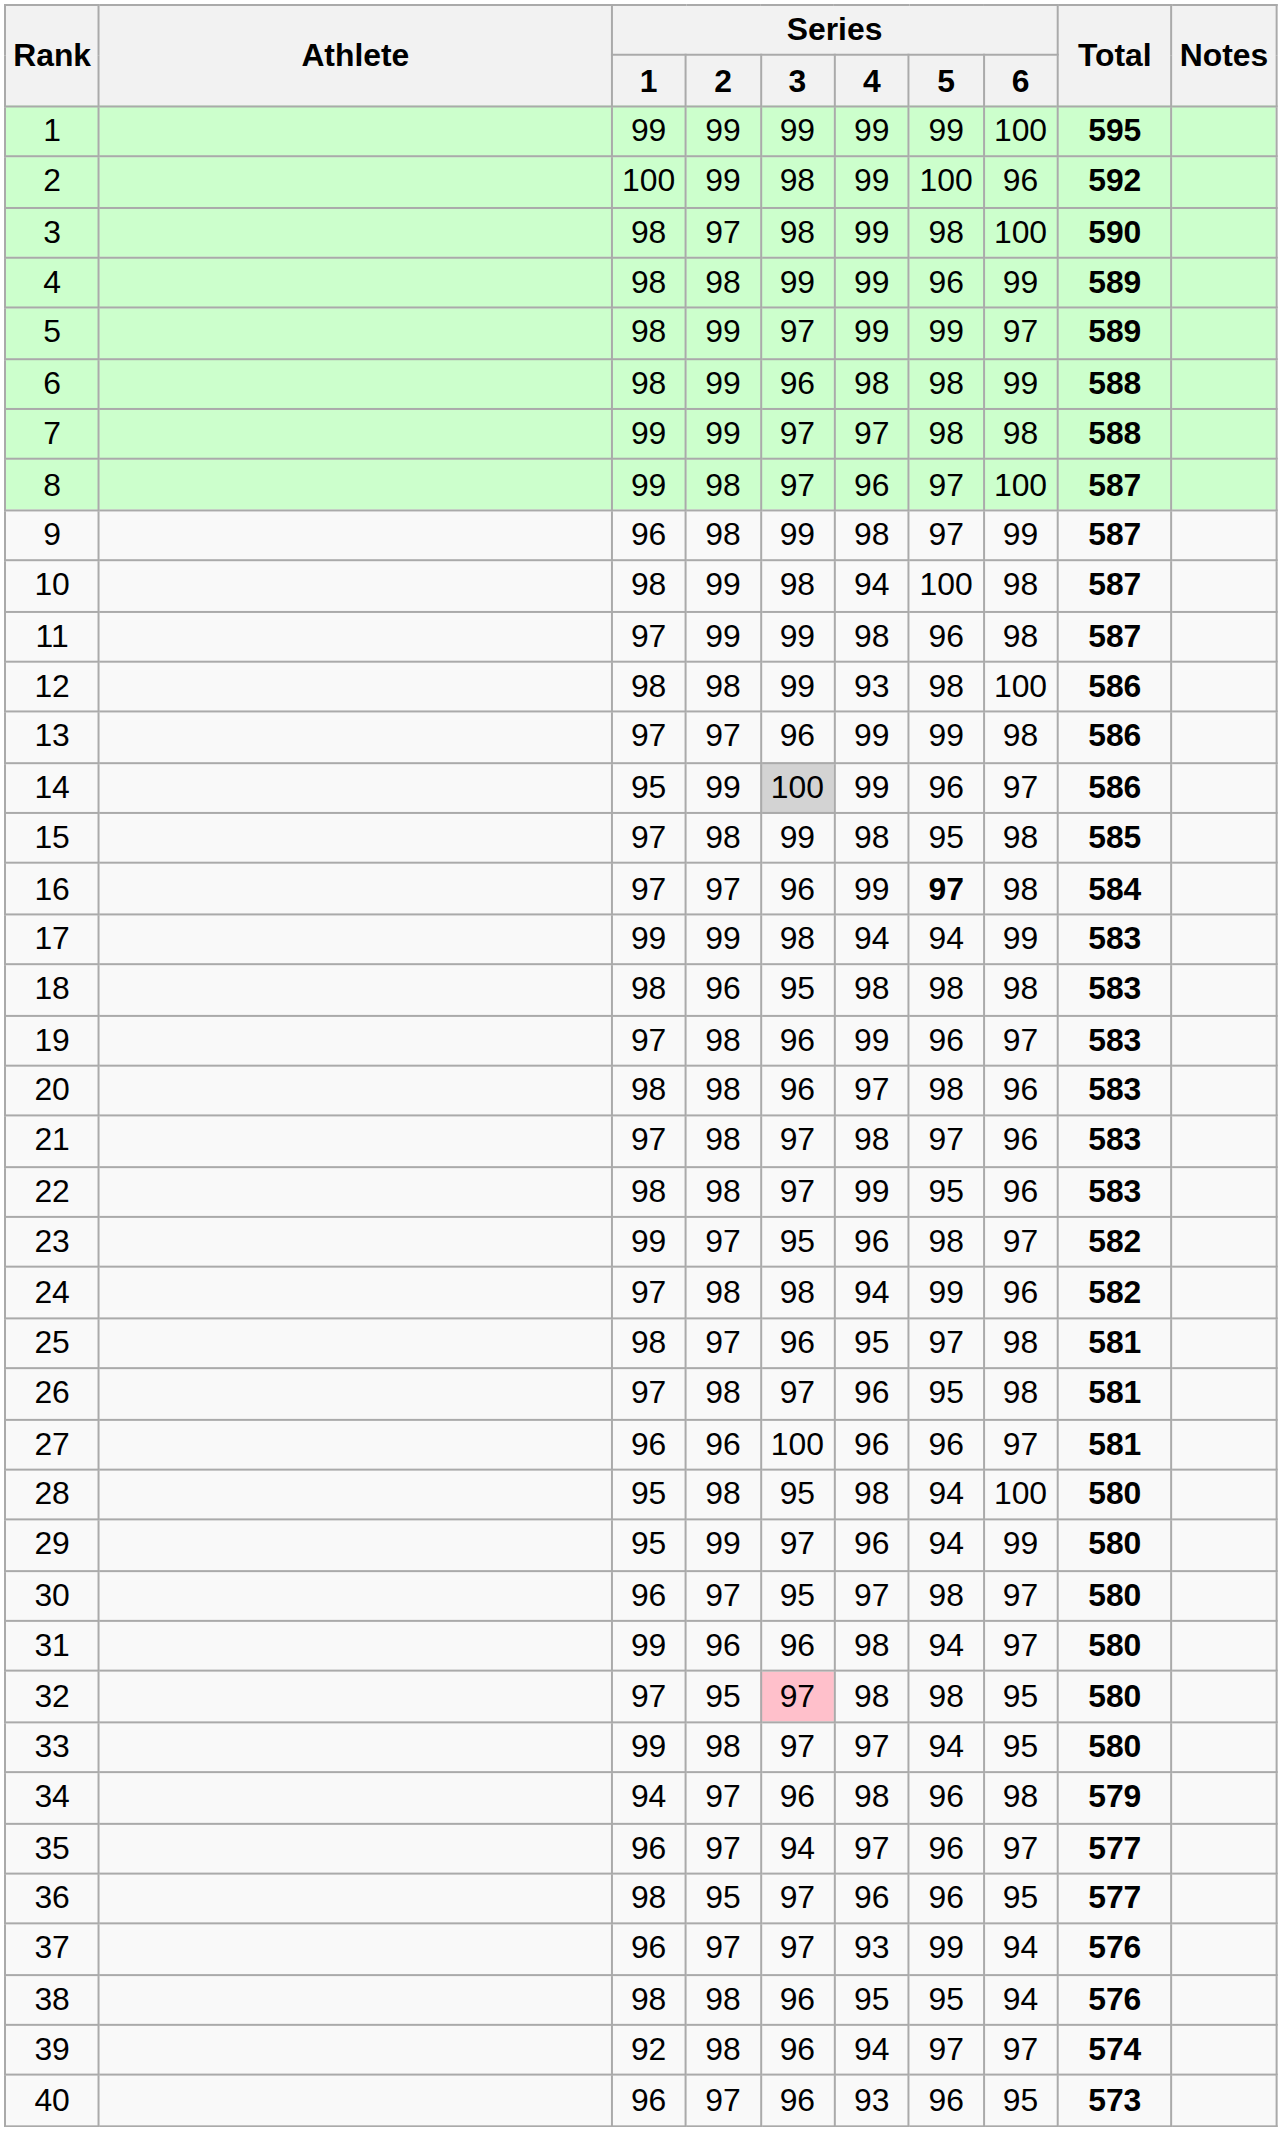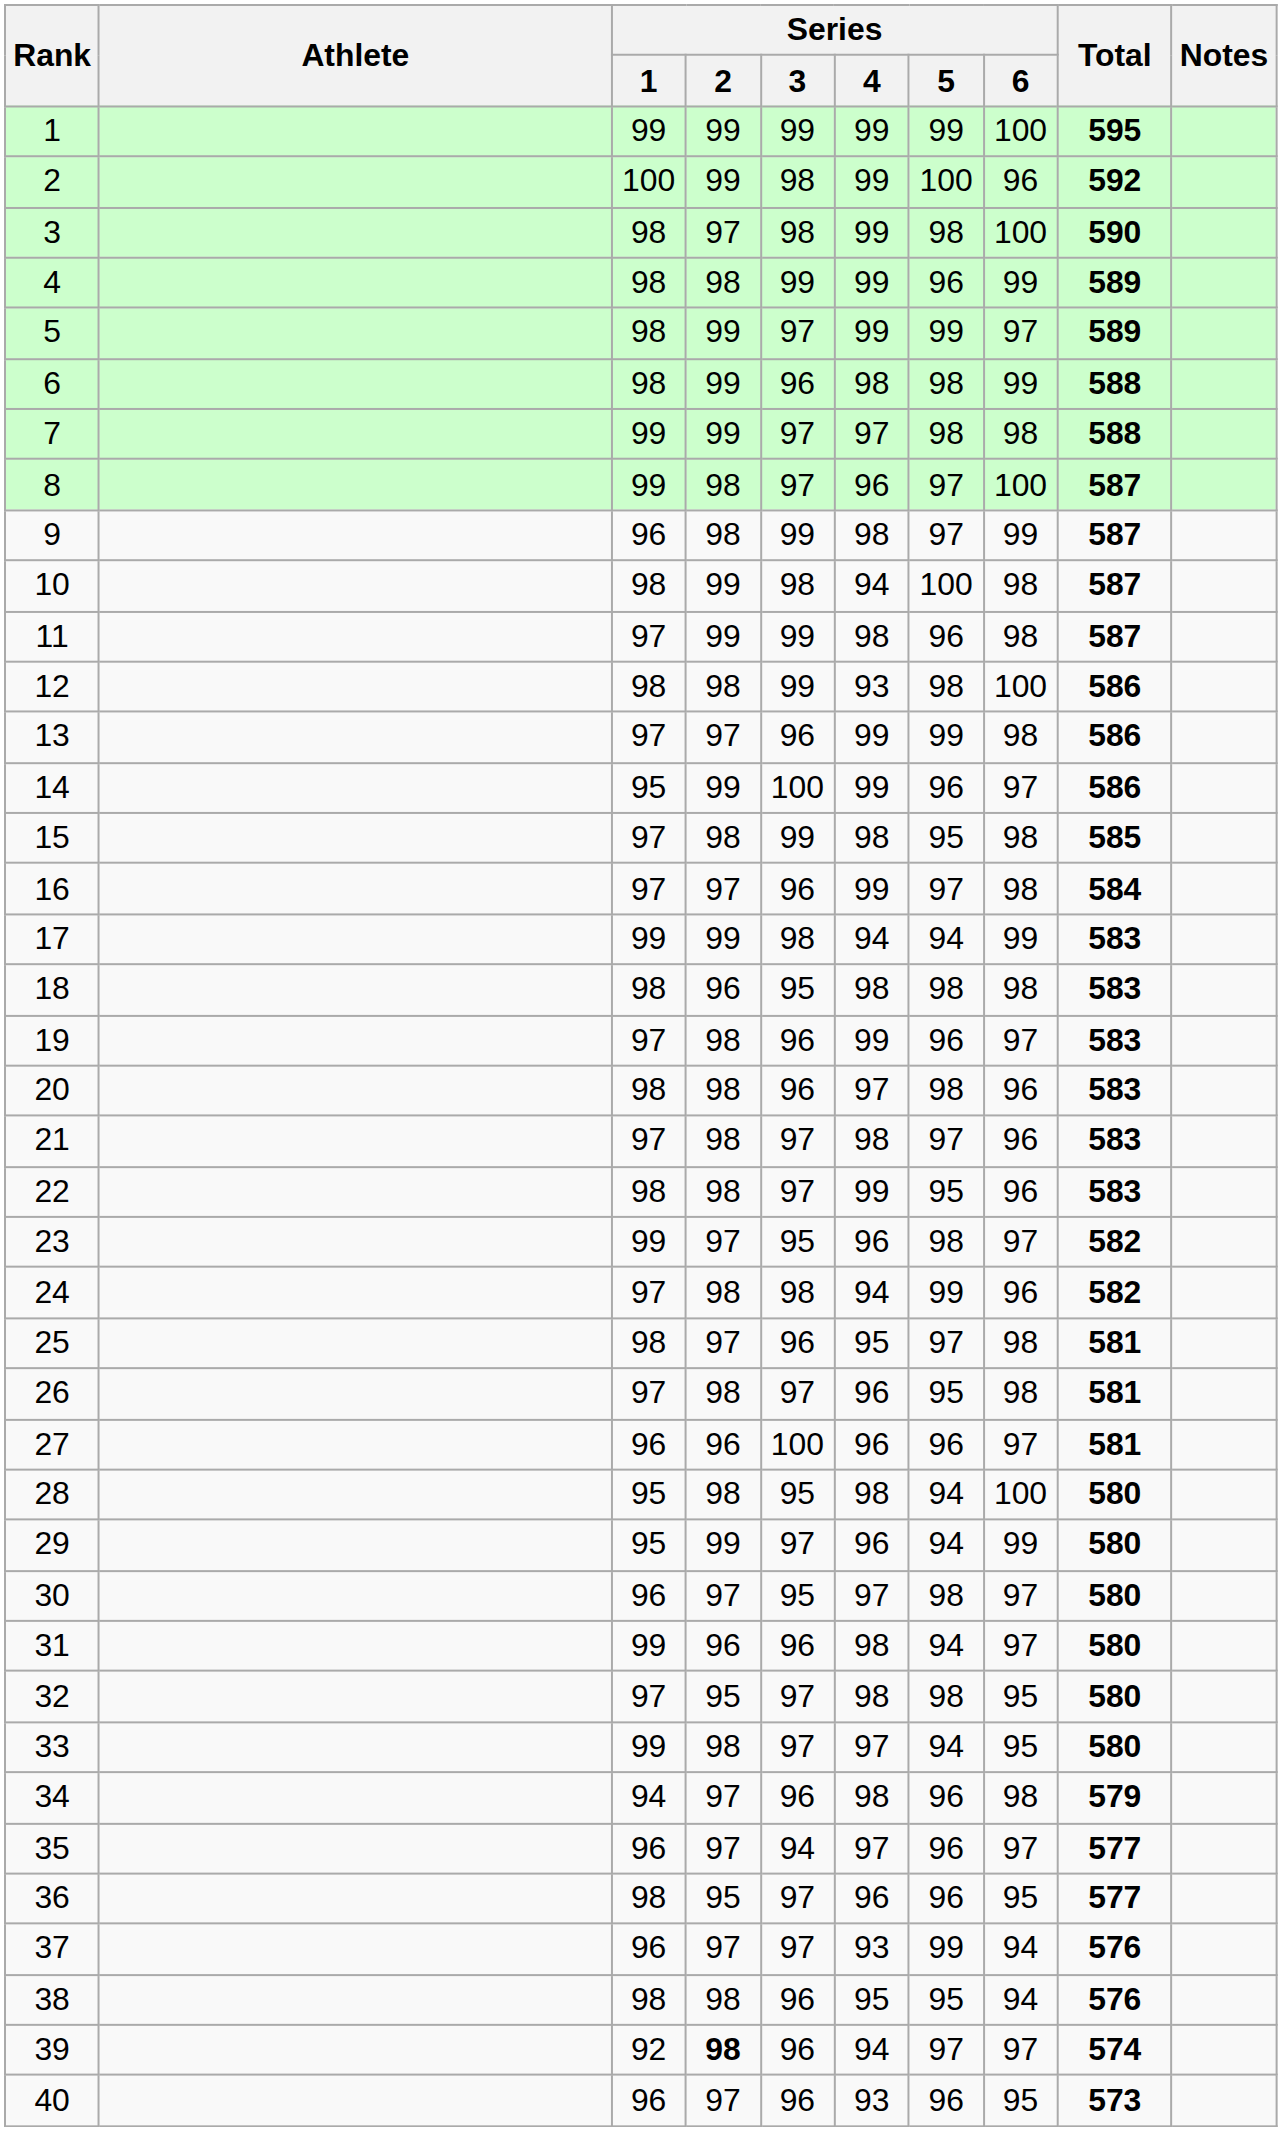 <table class="wikitable" style="text-align:center">
 <tr>
 <th rowspan=2 width=40>Rank</th>
 <th rowspan=2 width=250>Athlete</th>
 <th colspan=6>Series</th>
 <th rowspan=2 width=50>Total</th>
 <th rowspan=2 width=45>Notes</th>
 </tr>
 <tr>
 <th width=30>1</th>
 <th width=30>2</th>
 <th width=30>3</th>
 <th width=30>4</th>
 <th width=30>5</th>
 <th width=30>6</th>
 </tr>
 <tr bgcolor=ccffcc>
 <td>1</td>
 <td align=left></td>
 <td>99</td>
 <td>99</td>
 <td>99</td>
 <td>99</td>
 <td>99</td>
 <td>100</td>
 <td><strong>595</strong></td>
 <td></td>
 </tr>
 <tr bgcolor=ccffcc>
 <td>2</td>
 <td align=left></td>
 <td>100</td>
 <td>99</td>
 <td>98</td>
 <td>99</td>
 <td>100</td>
 <td>96</td>
 <td><strong>592</strong></td>
 <td></td>
 </tr>
 <tr bgcolor=ccffcc>
 <td>3</td>
 <td align=left></td>
 <td>98</td>
 <td>97</td>
 <td>98</td>
 <td>99</td>
 <td>98</td>
 <td>100</td>
 <td><strong>590</strong></td>
 <td></td>
 </tr>
 <tr bgcolor=ccffcc>
 <td>4</td>
 <td align=left></td>
 <td>98</td>
 <td>98</td>
 <td>99</td>
 <td>99</td>
 <td>96</td>
 <td>99</td>
 <td><strong>589</strong></td>
 <td></td>
 </tr>
 <tr bgcolor=ccffcc>
 <td>5</td>
 <td align=left></td>
 <td>98</td>
 <td>99</td>
 <td>97</td>
 <td>99</td>
 <td>99</td>
 <td>97</td>
 <td><strong>589</strong></td>
 <td></td>
 </tr>
 <tr bgcolor=ccffcc>
 <td>6</td>
 <td align=left></td>
 <td>98</td>
 <td>99</td>
 <td>96</td>
 <td>98</td>
 <td>98</td>
 <td>99</td>
 <td><strong>588</strong></td>
 <td></td>
 </tr>
 <tr bgcolor=ccffcc>
 <td>7</td>
 <td align=left></td>
 <td>99</td>
 <td>99</td>
 <td>97</td>
 <td>97</td>
 <td>98</td>
 <td>98</td>
 <td><strong>588</strong></td>
 <td></td>
 </tr>
 <tr bgcolor=ccffcc>
 <td>8</td>
 <td align=left></td>
 <td>99</td>
 <td>98</td>
 <td>97</td>
 <td>96</td>
 <td>97</td>
 <td>100</td>
 <td><strong>587</strong></td>
 <td></td>
 </tr>
 <tr>
 <td>9</td>
 <td align=left></td>
 <td>96</td>
 <td>98</td>
 <td>99</td>
 <td>98</td>
 <td>97</td>
 <td>99</td>
 <td><strong>587</strong></td>
 <td></td>
 </tr>
 <tr>
 <td>10</td>
 <td align=left></td>
 <td>98</td>
 <td>99</td>
 <td>98</td>
 <td>94</td>
 <td>100</td>
 <td>98</td>
 <td><strong>587</strong></td>
 <td></td>
 </tr>
 <tr>
 <td>11</td>
 <td align=left></td>
 <td>97</td>
 <td>99</td>
 <td>99</td>
 <td>98</td>
 <td>96</td>
 <td>98</td>
 <td><strong>587</strong></td>
 <td></td>
 </tr>
 <tr>
 <td>12</td>
 <td align=left></td>
 <td>98</td>
 <td>98</td>
 <td>99</td>
 <td>93</td>
 <td>98</td>
 <td>100</td>
 <td><strong>586</strong></td>
 <td></td>
 </tr>
 <tr>
 <td>13</td>
 <td align=left></td>
 <td>97</td>
 <td>97</td>
 <td>96</td>
 <td>99</td>
 <td>99</td>
 <td>98</td>
 <td><strong>586</strong></td>
 <td></td>
 </tr>
 <tr>
 <td>14</td>
 <td align=left></td>
 <td>95</td>
 <td>99</td>
-<td style="background: lightgrey;">100</td>
+<td>100</td>
 <td>99</td>
 <td>96</td>
 <td>97</td>
 <td><strong>586</strong></td>
 <td></td>
 </tr>
 <tr>
 <td>15</td>
 <td align=left></td>
 <td>97</td>
 <td>98</td>
 <td>99</td>
 <td>98</td>
 <td>95</td>
 <td>98</td>
 <td><strong>585</strong></td>
 <td></td>
 </tr>
 <tr>
 <td>16</td>
 <td align=left></td>
 <td>97</td>
 <td>97</td>
 <td>96</td>
 <td>99</td>
-<td><strong>97</strong></td>
+<td>97</td>
 <td>98</td>
 <td><strong>584</strong></td>
 <td></td>
 </tr>
 <tr>
 <td>17</td>
 <td align=left></td>
 <td>99</td>
 <td>99</td>
 <td>98</td>
 <td>94</td>
 <td>94</td>
 <td>99</td>
 <td><strong>583</strong></td>
 <td></td>
 </tr>
 <tr>
 <td>18</td>
 <td align=left></td>
 <td>98</td>
 <td>96</td>
 <td>95</td>
 <td>98</td>
 <td>98</td>
 <td>98</td>
 <td><strong>583</strong></td>
 <td></td>
 </tr>
 <tr>
 <td>19</td>
 <td align=left></td>
 <td>97</td>
 <td>98</td>
 <td>96</td>
 <td>99</td>
 <td>96</td>
 <td>97</td>
 <td><strong>583</strong></td>
 <td></td>
 </tr>
 <tr>
 <td>20</td>
 <td align=left></td>
 <td>98</td>
 <td>98</td>
 <td>96</td>
 <td>97</td>
 <td>98</td>
 <td>96</td>
 <td><strong>583</strong></td>
 <td></td>
 </tr>
 <tr>
 <td>21</td>
 <td align=left></td>
 <td>97</td>
 <td>98</td>
 <td>97</td>
 <td>98</td>
 <td>97</td>
 <td>96</td>
 <td><strong>583</strong></td>
 <td></td>
 </tr>
 <tr>
 <td>22</td>
 <td align=left></td>
 <td>98</td>
 <td>98</td>
 <td>97</td>
 <td>99</td>
 <td>95</td>
 <td>96</td>
 <td><strong>583</strong></td>
 <td></td>
 </tr>
 <tr>
 <td>23</td>
 <td align=left></td>
 <td>99</td>
 <td>97</td>
 <td>95</td>
 <td>96</td>
 <td>98</td>
 <td>97</td>
 <td><strong>582</strong></td>
 <td></td>
 </tr>
 <tr>
 <td>24</td>
 <td align=left></td>
 <td>97</td>
 <td>98</td>
 <td>98</td>
 <td>94</td>
 <td>99</td>
 <td>96</td>
 <td><strong>582</strong></td>
 <td></td>
 </tr>
 <tr>
 <td>25</td>
 <td align=left></td>
 <td>98</td>
 <td>97</td>
 <td>96</td>
 <td>95</td>
 <td>97</td>
 <td>98</td>
 <td><strong>581</strong></td>
 <td></td>
 </tr>
 <tr>
 <td>26</td>
 <td align=left></td>
 <td>97</td>
 <td>98</td>
 <td>97</td>
 <td>96</td>
 <td>95</td>
 <td>98</td>
 <td><strong>581</strong></td>
 <td></td>
 </tr>
 <tr>
 <td>27</td>
 <td align=left></td>
 <td>96</td>
 <td>96</td>
 <td>100</td>
 <td>96</td>
 <td>96</td>
 <td>97</td>
 <td><strong>581</strong></td>
 <td></td>
 </tr>
 <tr>
 <td>28</td>
 <td align=left></td>
 <td>95</td>
 <td>98</td>
 <td>95</td>
 <td>98</td>
 <td>94</td>
 <td>100</td>
 <td><strong>580</strong></td>
 <td></td>
 </tr>
 <tr>
 <td>29</td>
 <td align=left></td>
 <td>95</td>
 <td>99</td>
 <td>97</td>
 <td>96</td>
 <td>94</td>
 <td>99</td>
 <td><strong>580</strong></td>
 <td></td>
 </tr>
 <tr>
 <td>30</td>
 <td align=left></td>
 <td>96</td>
 <td>97</td>
 <td>95</td>
 <td>97</td>
 <td>98</td>
 <td>97</td>
 <td><strong>580</strong></td>
 <td></td>
 </tr>
 <tr>
 <td>31</td>
 <td align=left></td>
 <td>99</td>
 <td>96</td>
 <td>96</td>
 <td>98</td>
 <td>94</td>
 <td>97</td>
 <td><strong>580</strong></td>
 <td></td>
 </tr>
 <tr>
 <td>32</td>
 <td align=left></td>
 <td>97</td>
 <td>95</td>
-<td style="background: pink;">97</td>
+<td>97</td>
 <td>98</td>
 <td>98</td>
 <td>95</td>
 <td><strong>580</strong></td>
 <td></td>
 </tr>
 <tr>
 <td>33</td>
 <td align=left></td>
 <td>99</td>
 <td>98</td>
 <td>97</td>
 <td>97</td>
 <td>94</td>
 <td>95</td>
 <td><strong>580</strong></td>
 <td></td>
 </tr>
 <tr>
 <td>34</td>
 <td align=left></td>
 <td>94</td>
 <td>97</td>
 <td>96</td>
 <td>98</td>
 <td>96</td>
 <td>98</td>
 <td><strong>579</strong></td>
 <td></td>
 </tr>
 <tr>
 <td>35</td>
 <td align=left></td>
 <td>96</td>
 <td>97</td>
 <td>94</td>
 <td>97</td>
 <td>96</td>
 <td>97</td>
 <td><strong>577</strong></td>
 <td></td>
 </tr>
 <tr>
 <td>36</td>
 <td align=left></td>
 <td>98</td>
 <td>95</td>
 <td>97</td>
 <td>96</td>
 <td>96</td>
 <td>95</td>
 <td><strong>577</strong></td>
 <td></td>
 </tr>
 <tr>
 <td>37</td>
 <td align=left></td>
 <td>96</td>
 <td>97</td>
 <td>97</td>
 <td>93</td>
 <td>99</td>
 <td>94</td>
 <td><strong>576</strong></td>
 <td></td>
 </tr>
 <tr>
 <td>38</td>
 <td align=left></td>
 <td>98</td>
 <td>98</td>
 <td>96</td>
 <td>95</td>
 <td>95</td>
 <td>94</td>
 <td><strong>576</strong></td>
 <td></td>
 </tr>
 <tr>
 <td>39</td>
 <td align=left></td>
 <td>92</td>
-<td>98</td>
+<td><strong>98</strong></td>
 <td>96</td>
 <td>94</td>
 <td>97</td>
 <td>97</td>
 <td><strong>574</strong></td>
 <td></td>
 </tr>
 <tr>
 <td>40</td>
 <td align=left></td>
 <td>96</td>
 <td>97</td>
 <td>96</td>
 <td>93</td>
 <td>96</td>
 <td>95</td>
 <td><strong>573</strong></td>
 <td></td>
 </tr>
 </table>
